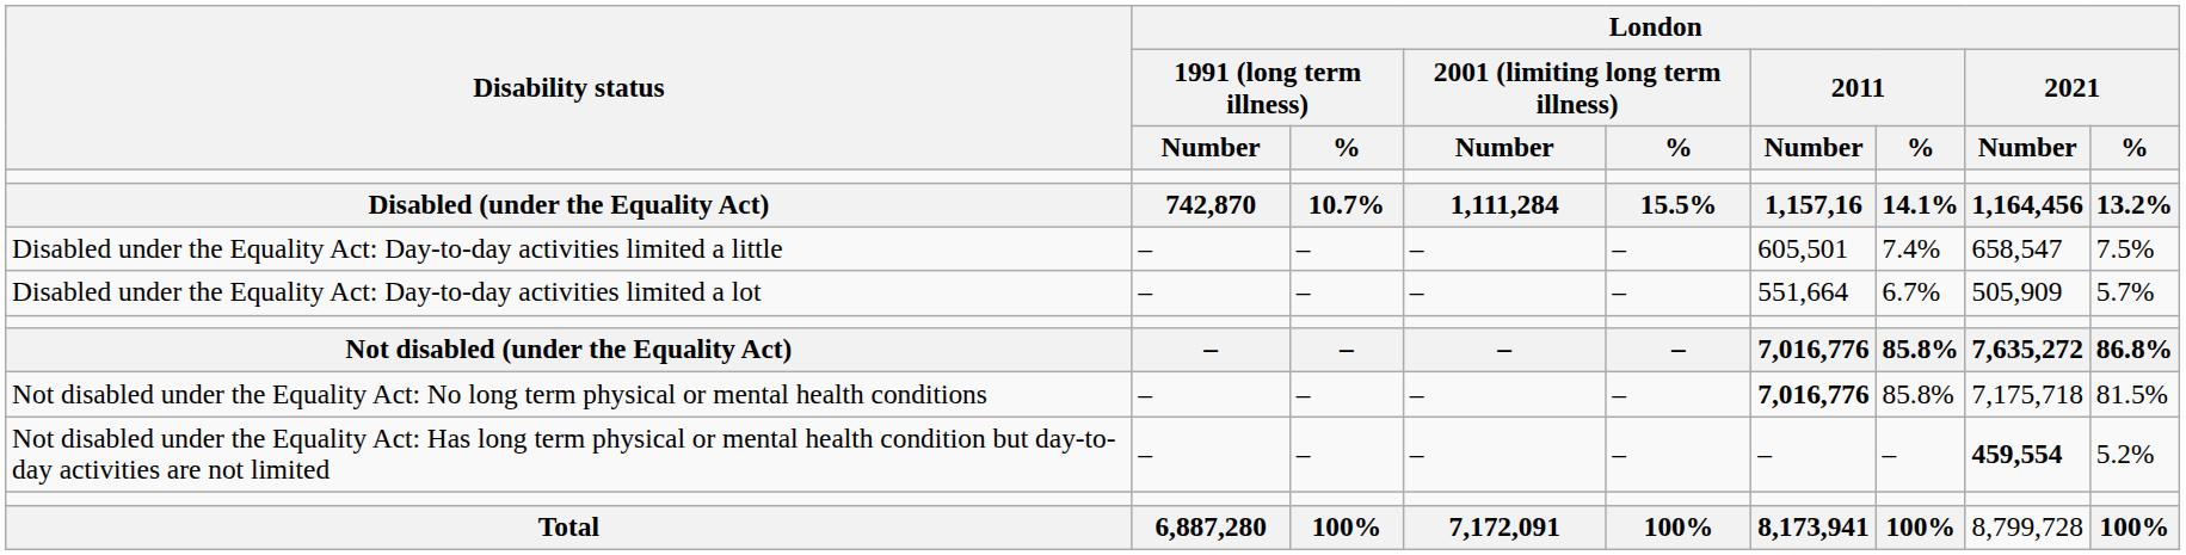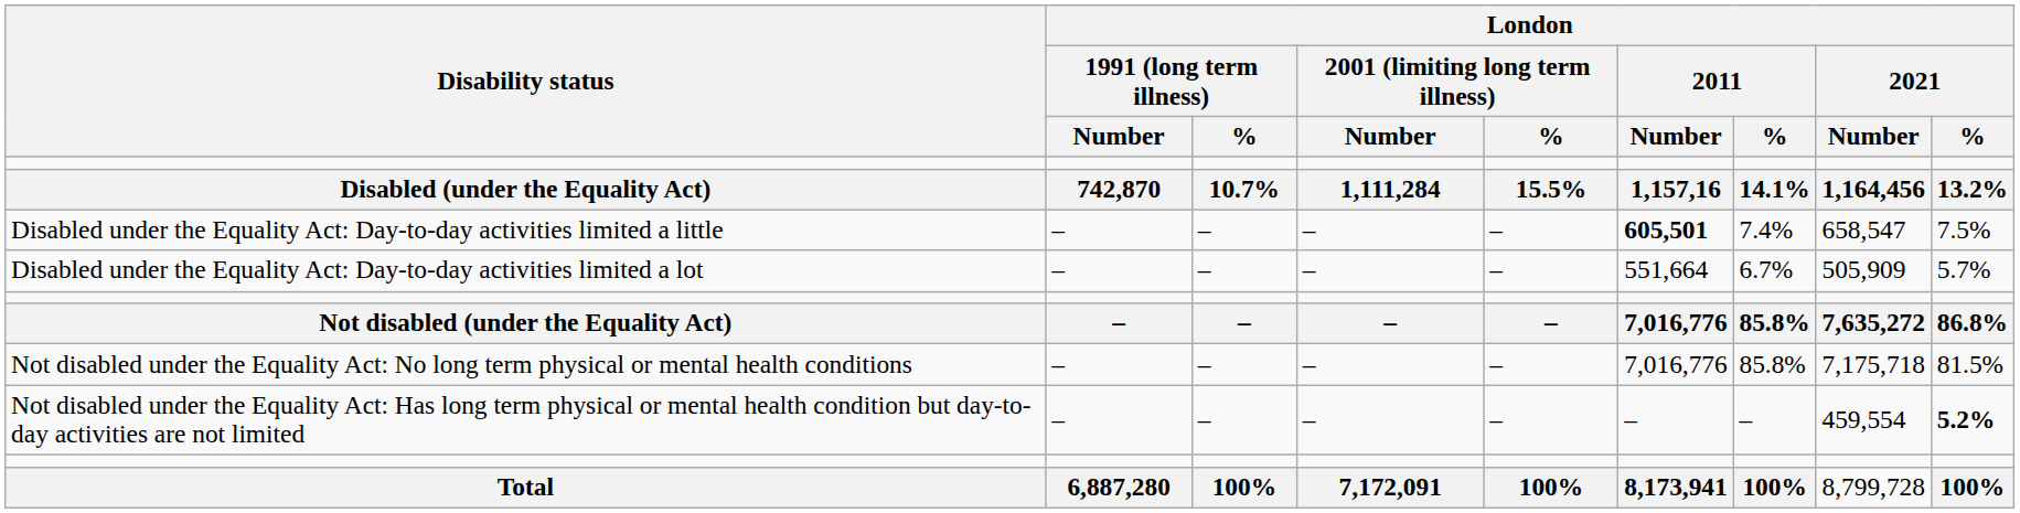 <table class="wikitable">
 <tr>
 <th rowspan="3">Disability status</th>
 <th colspan="8">London</th>
 </tr>
 <tr>
 <th colspan="2">1991 (long term illness)</th>
 <th colspan="2">2001 (limiting long term illness)</th>
 <th colspan="2">2011</th>
 <th colspan="2">2021</th>
 </tr>
 <tr>
 <th>Number</th>
 <th>%</th>
 <th>Number</th>
 <th>%</th>
 <th>Number</th>
 <th>%</th>
 <th>Number</th>
 <th>%</th>
 </tr>
 <tr>
 <td></td>
 <td></td>
 <td></td>
 <td></td>
 <td></td>
 <td></td>
 <td></td>
 <td></td>
 <td></td>
 </tr>
 <tr>
 <th>Disabled (under the Equality Act)</th>
 <th>742,870</th>
 <th>10.7%</th>
 <th>1,111,284</th>
 <th>15.5%</th>
 <th>1,157,16</th>
 <th>14.1%</th>
 <th>1,164,456</th>
 <th>13.2%</th>
 </tr>
 <tr>
 <td>Disabled under the Equality Act: Day-to-day activities limited a little</td>
 <td>–</td>
 <td>–</td>
 <td>–</td>
 <td>–</td>
-<td>605,501</td>
+<td><strong>605,501</strong></td>
 <td>7.4%</td>
 <td>658,547</td>
 <td>7.5%</td>
 </tr>
 <tr>
 <td>Disabled under the Equality Act: Day-to-day activities limited a lot</td>
 <td>–</td>
 <td>–</td>
 <td>–</td>
 <td>–</td>
 <td>551,664</td>
 <td>6.7%</td>
 <td>505,909</td>
 <td>5.7%</td>
 </tr>
 <tr>
 <td></td>
 <td></td>
 <td></td>
 <td></td>
 <td></td>
 <td></td>
 <td></td>
 <td></td>
 <td></td>
 </tr>
 <tr>
 <th>Not disabled (under the Equality Act)</th>
 <th>–</th>
 <th>–</th>
 <th>–</th>
 <th>–</th>
 <th>7,016,776</th>
 <th>85.8%</th>
 <th>7,635,272</th>
 <th>86.8%</th>
 </tr>
 <tr>
 <td>Not disabled under the Equality Act: No long term physical or mental health conditions</td>
 <td>–</td>
 <td>–</td>
 <td>–</td>
 <td>–</td>
-<td><strong>7,016,776</strong></td>
+<td>7,016,776</td>
 <td>85.8%</td>
 <td>7,175,718</td>
 <td>81.5%</td>
 </tr>
 <tr>
 <td>Not disabled under the Equality Act: Has long term physical or mental health condition but day-to-day activities are not limited</td>
 <td>–</td>
 <td>–</td>
 <td>–</td>
 <td>–</td>
 <td>–</td>
 <td>–</td>
-<td><strong>459,554</strong></td>
-<td>5.2%</td>
+<td>459,554</td>
+<td><strong>5.2%</strong></td>
 </tr>
 <tr>
 <td></td>
 <td></td>
 <td></td>
 <td></td>
 <td></td>
 <td></td>
 <td></td>
 <td></td>
 <td></td>
 </tr>
 <tr>
 <th>Total</th>
 <th>6,887,280</th>
 <th>100%</th>
 <th>7,172,091</th>
 <th>100%</th>
 <th>8,173,941</th>
 <th>100%</th>
 <td>8,799,728</td>
 <th>100%</th>
 </tr>
 </table>
